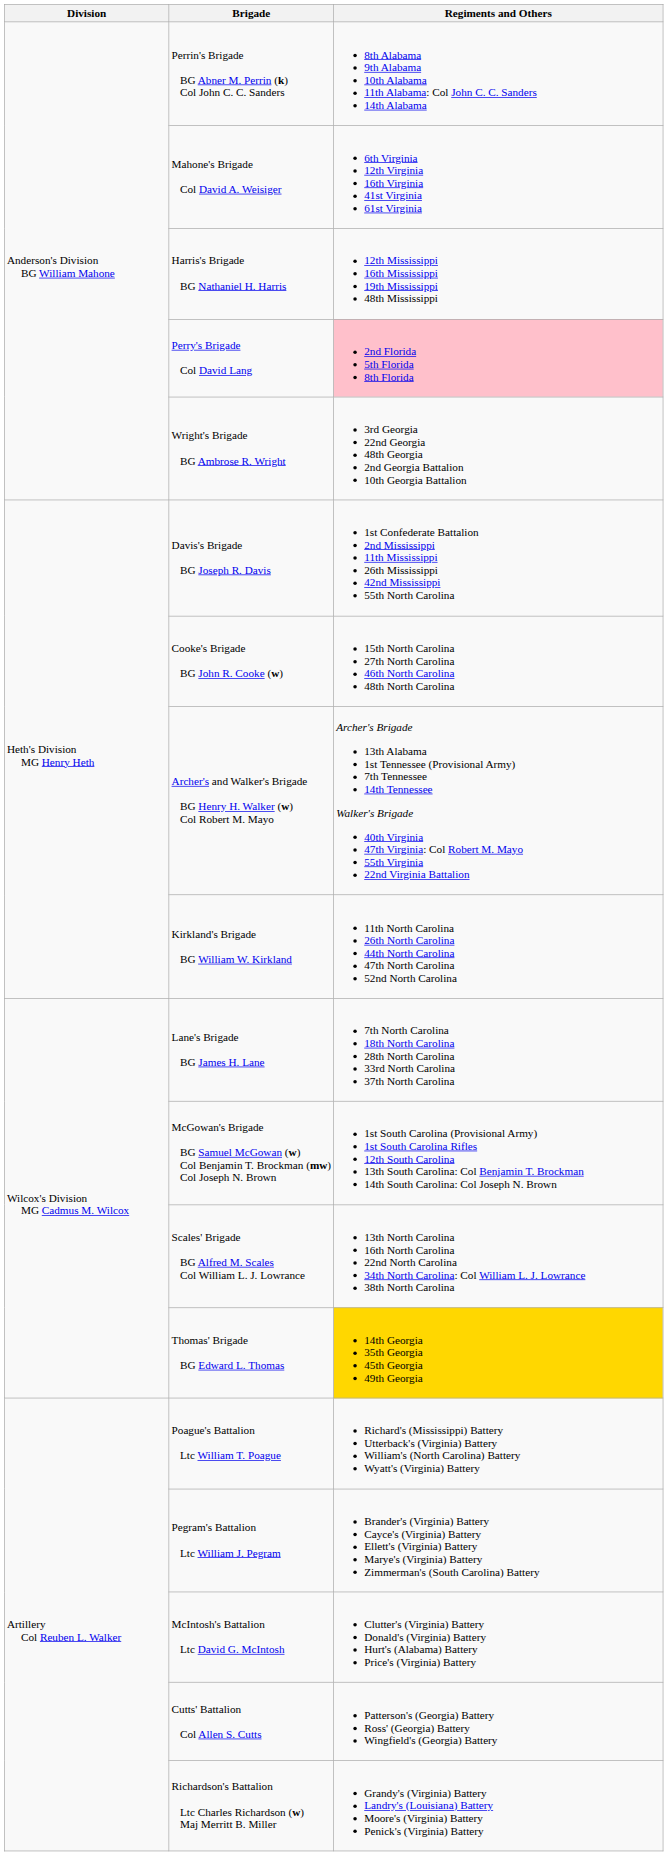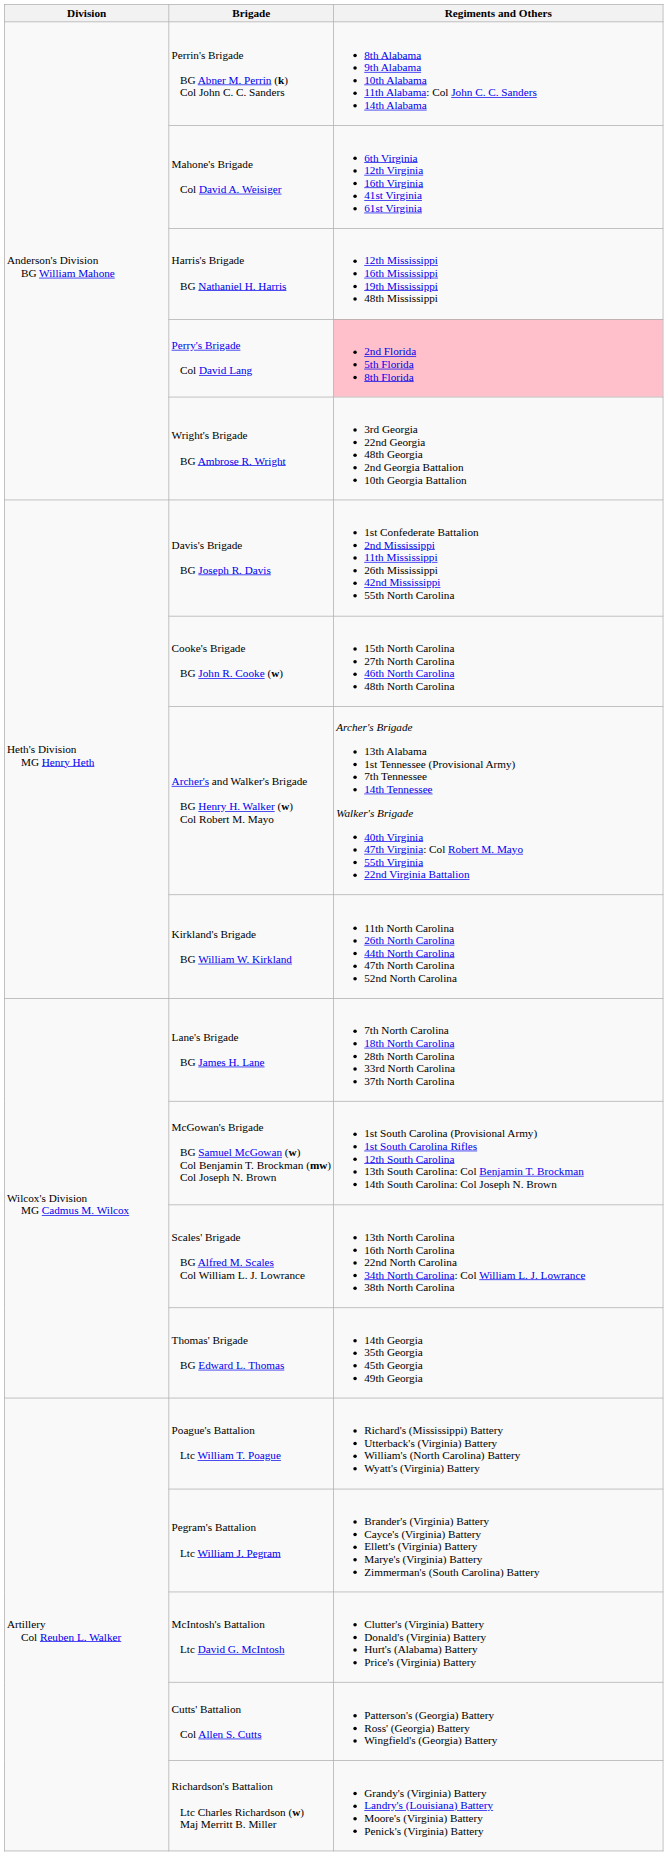 <table class="wikitable">
 <tr>
 <th width=25%>Division</th>
 <th width=25%>Brigade</th>
 <th>Regiments and Others</th>
 </tr>
 <tr>
 <td rowspan=5><br>Anderson's Division <br>     BG <a href='#'>William Mahone</a></td>
 <td>Perrin's Brigade<br><br>   BG <a href='#'>Abner M. Perrin</a> (<strong>k</strong>) <br>   Col John C. C. Sanders</td>
 <td><br><ul><li><a href='#'>8th Alabama</a></li><li><a href='#'>9th Alabama</a></li><li><a href='#'>10th Alabama</a></li><li><a href='#'>11th Alabama</a>: Col <a href='#'>John C. C. Sanders</a></li><li><a href='#'>14th Alabama</a></li></ul></td>
 </tr>
 <tr>
 <td>Mahone's Brigade<br><br>   Col <a href='#'>David A. Weisiger</a></td>
 <td><br><ul><li><a href='#'>6th Virginia</a></li><li><a href='#'>12th Virginia</a></li><li><a href='#'>16th Virginia</a></li><li><a href='#'>41st Virginia</a></li><li><a href='#'>61st Virginia</a></li></ul></td>
 </tr>
 <tr>
 <td>Harris's Brigade<br><br>   BG <a href='#'>Nathaniel H. Harris</a></td>
 <td><br><ul><li><a href='#'>12th Mississippi</a></li><li><a href='#'>16th Mississippi</a></li><li><a href='#'>19th Mississippi</a></li><li>48th Mississippi</li></ul></td>
 </tr>
 <tr>
 <td><a href='#'>Perry's Brigade</a><br><br>   Col <a href='#'>David Lang</a></td>
 <td style="background: pink;"><br><ul><li><a href='#'>2nd Florida</a></li><li><a href='#'>5th Florida</a></li><li><a href='#'>8th Florida</a></li></ul></td>
 </tr>
 <tr>
 <td>Wright's Brigade<br><br>   BG <a href='#'>Ambrose R. Wright</a></td>
 <td><br><ul><li>3rd Georgia</li><li>22nd Georgia</li><li>48th Georgia</li><li>2nd Georgia Battalion</li><li>10th Georgia Battalion</li></ul></td>
 </tr>
 <tr>
 <td rowspan=4><br>Heth's Division <br>     MG <a href='#'>Henry Heth</a></td>
 <td>Davis's Brigade<br><br>   BG <a href='#'>Joseph R. Davis</a></td>
 <td><br><ul><li>1st Confederate Battalion</li><li><a href='#'>2nd Mississippi</a></li><li><a href='#'>11th Mississippi</a></li><li>26th Mississippi</li><li><a href='#'>42nd Mississippi</a></li><li>55th North Carolina</li></ul></td>
 </tr>
 <tr>
 <td>Cooke's Brigade<br><br>   BG <a href='#'>John R. Cooke</a> (<strong>w</strong>)</td>
 <td><br><ul><li>15th North Carolina</li><li>27th North Carolina</li><li><a href='#'>46th North Carolina</a></li><li>48th North Carolina</li></ul></td>
 </tr>
 <tr>
 <td><a href='#'>Archer's</a> and Walker's Brigade<br><br>   BG <a href='#'>Henry H. Walker</a> (<strong>w</strong>) <br>   Col Robert M. Mayo</td>
 <td><br><em>Archer's Brigade</em><ul><li>13th Alabama</li><li>1st Tennessee (Provisional Army)</li><li>7th Tennessee</li><li><a href='#'>14th Tennessee</a></li></ul><em>Walker's Brigade</em><ul><li><a href='#'>40th Virginia</a></li><li><a href='#'>47th Virginia</a>: Col <a href='#'>Robert M. Mayo</a></li><li><a href='#'>55th Virginia</a></li><li><a href='#'>22nd Virginia Battalion</a></li></ul></td>
 </tr>
 <tr>
 <td>Kirkland's Brigade<br><br>   BG <a href='#'>William W. Kirkland</a></td>
 <td><br><ul><li>11th North Carolina</li><li><a href='#'>26th North Carolina</a></li><li><a href='#'>44th North Carolina</a></li><li>47th North Carolina</li><li>52nd North Carolina</li></ul></td>
 </tr>
 <tr>
 <td rowspan=4><br>Wilcox's Division <br>     MG <a href='#'>Cadmus M. Wilcox</a></td>
 <td>Lane's Brigade<br><br>   BG <a href='#'>James H. Lane</a></td>
 <td><br><ul><li>7th North Carolina</li><li><a href='#'>18th North Carolina</a></li><li>28th North Carolina</li><li>33rd North Carolina</li><li>37th  North Carolina</li></ul></td>
 </tr>
 <tr>
 <td>McGowan's Brigade<br><br>   BG <a href='#'>Samuel McGowan</a> (<strong>w</strong>) <br>   Col Benjamin T. Brockman (<strong>mw</strong>) <br>   Col Joseph N. Brown</td>
 <td><br><ul><li>1st South Carolina (Provisional Army)</li><li><a href='#'>1st South Carolina Rifles</a></li><li><a href='#'>12th South Carolina</a></li><li>13th South Carolina: Col <a href='#'>Benjamin T. Brockman</a></li><li>14th South Carolina: Col Joseph N. Brown</li></ul></td>
 </tr>
 <tr>
 <td>Scales' Brigade<br><br>   BG <a href='#'>Alfred M. Scales</a> <br>   Col William L. J. Lowrance</td>
 <td><br><ul><li>13th North Carolina</li><li>16th North Carolina</li><li>22nd North Carolina</li><li><a href='#'>34th North Carolina</a>: Col <a href='#'>William L. J. Lowrance</a></li><li>38th North Carolina</li></ul></td>
 </tr>
 <tr>
 <td>Thomas' Brigade<br><br>   BG <a href='#'>Edward L. Thomas</a></td>
-<td style="background: gold;"><br><ul><li>14th Georgia</li><li>35th Georgia</li><li>45th Georgia</li><li>49th Georgia</li></ul></td>
+<td><br><ul><li>14th Georgia</li><li>35th Georgia</li><li>45th Georgia</li><li>49th Georgia</li></ul></td>
 </tr>
 <tr>
 <td rowspan=5><br>Artillery <br>     Col <a href='#'>Reuben L. Walker</a></td>
 <td>Poague's Battalion<br><br>   Ltc <a href='#'>William T. Poague</a></td>
 <td><br><ul><li>Richard's (Mississippi) Battery</li><li>Utterback's (Virginia) Battery</li><li>William's (North Carolina) Battery</li><li>Wyatt's (Virginia) Battery</li></ul></td>
 </tr>
 <tr>
 <td>Pegram's Battalion<br><br>   Ltc <a href='#'>William J. Pegram</a></td>
 <td><br><ul><li>Brander's (Virginia) Battery</li><li>Cayce's (Virginia) Battery</li><li>Ellett's (Virginia) Battery</li><li>Marye's (Virginia) Battery</li><li>Zimmerman's (South Carolina) Battery</li></ul></td>
 </tr>
 <tr>
 <td>McIntosh's Battalion<br><br>   Ltc <a href='#'>David G. McIntosh</a></td>
 <td><br><ul><li>Clutter's (Virginia) Battery</li><li>Donald's (Virginia) Battery</li><li>Hurt's (Alabama) Battery</li><li>Price's (Virginia) Battery</li></ul></td>
 </tr>
 <tr>
 <td>Cutts' Battalion<br><br>   Col <a href='#'>Allen S. Cutts</a></td>
 <td><br><ul><li>Patterson's (Georgia) Battery</li><li>Ross' (Georgia) Battery</li><li>Wingfield's (Georgia) Battery</li></ul></td>
 </tr>
 <tr>
 <td>Richardson's Battalion<br><br>   Ltc Charles Richardson (<strong>w</strong>) <br>   Maj Merritt B. Miller</td>
 <td><br><ul><li>Grandy's (Virginia) Battery</li><li><a href='#'>Landry's (Louisiana) Battery</a></li><li>Moore's (Virginia) Battery</li><li>Penick's (Virginia) Battery</li></ul></td>
 </tr>
 </table>
